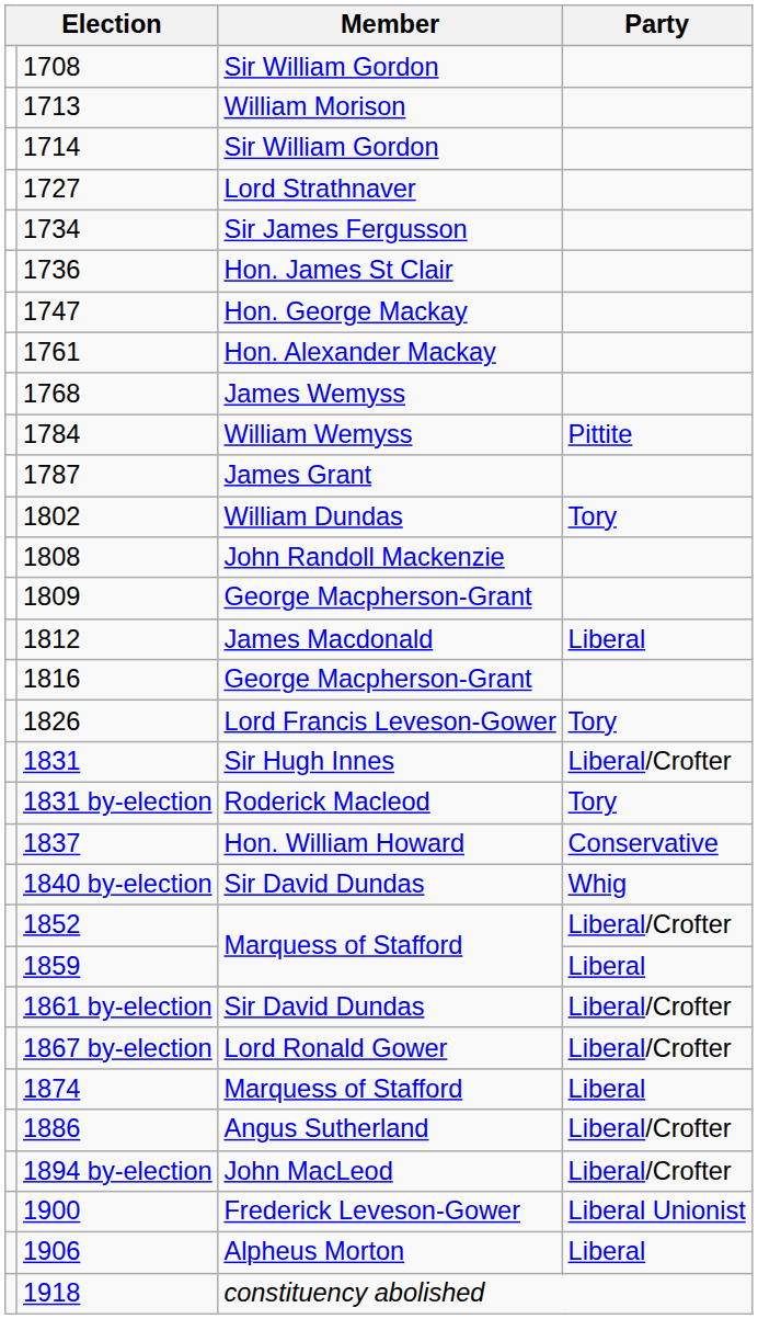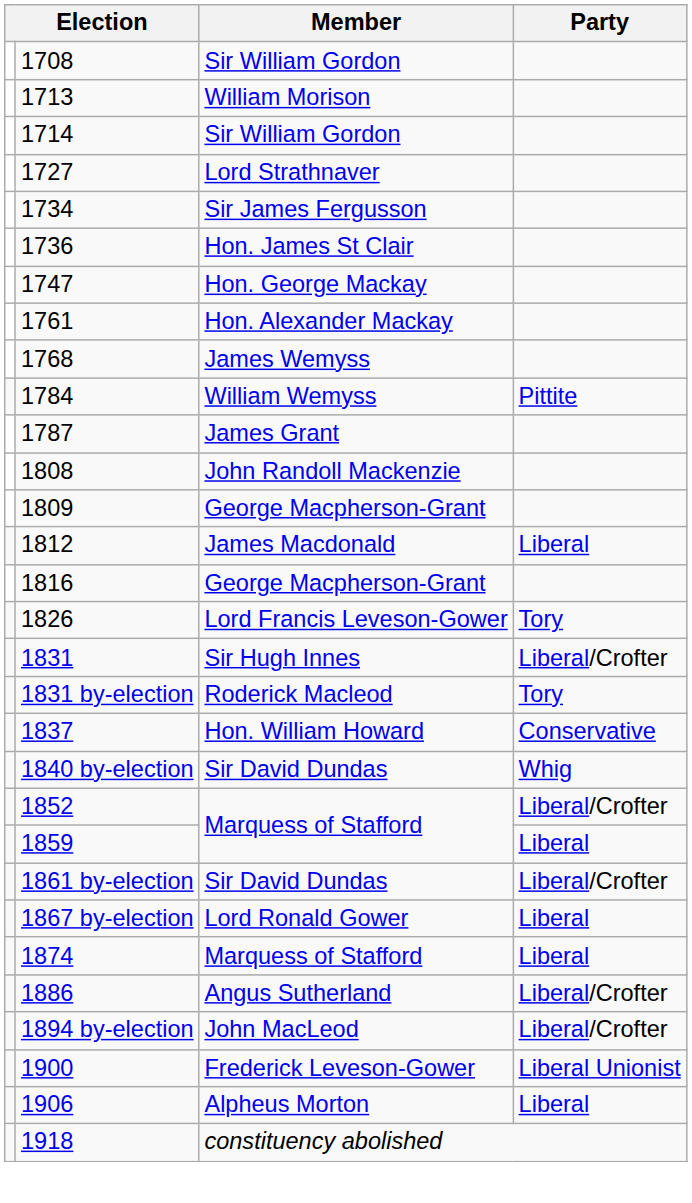 <table class="wikitable">
 <tr>
 <th colspan="2">Election</th>
 <th>Member  </th>
 <th>Party</th>
 </tr>
 <tr>
 <td style="color:inherit;background-color: white"></td>
 <td>1708</td>
 <td><a href='#'>Sir William Gordon</a></td>
 <td></td>
 </tr>
 <tr>
 <td style="color:inherit;background-color: white"></td>
 <td>1713</td>
 <td><a href='#'>William Morison</a></td>
 <td></td>
 </tr>
 <tr>
 <td style="color:inherit;background-color: white"></td>
 <td>1714</td>
 <td><a href='#'>Sir William Gordon</a></td>
 <td></td>
 </tr>
 <tr>
 <td style="color:inherit;background-color: white"></td>
 <td>1727</td>
 <td><a href='#'>Lord Strathnaver</a></td>
 <td></td>
 </tr>
 <tr>
 <td style="color:inherit;background-color: white"></td>
 <td>1734</td>
 <td><a href='#'>Sir James Fergusson</a></td>
 <td></td>
 </tr>
 <tr>
 <td style="color:inherit;background-color: white"></td>
 <td>1736</td>
 <td><a href='#'>Hon. James St Clair</a></td>
 <td></td>
 </tr>
 <tr>
 <td style="color:inherit;background-color: white"></td>
 <td>1747</td>
 <td><a href='#'>Hon. George Mackay</a></td>
 <td></td>
 </tr>
 <tr>
 <td style="color:inherit;background-color: white"></td>
 <td>1761</td>
 <td><a href='#'>Hon. Alexander Mackay</a></td>
 <td></td>
 </tr>
 <tr>
 <td style="color:inherit;background-color: white"></td>
 <td>1768</td>
 <td><a href='#'>James Wemyss</a></td>
 <td></td>
 </tr>
 <tr>
 <td style="color:inherit;background-color: "></td>
 <td>1784</td>
 <td><a href='#'>William Wemyss</a></td>
 <td><a href='#'>Pittite</a></td>
 </tr>
 <tr>
 <td style="color:inherit;background-color: white"></td>
 <td>1787</td>
 <td><a href='#'>James Grant</a></td>
 <td></td>
-</tr>
-<tr>
-<td style="color:inherit;background-color: "></td>
-<td>1802</td>
-<td><a href='#'>William Dundas</a></td>
-<td><a href='#'>Tory</a></td>
 </tr>
 <tr>
 <td style="color:inherit;background-color: white"></td>
 <td>1808</td>
 <td><a href='#'>John Randoll Mackenzie</a></td>
 <td></td>
 </tr>
 <tr>
 <td style="color:inherit;background-color: white"></td>
 <td>1809</td>
 <td><a href='#'>George Macpherson-Grant</a></td>
 <td></td>
 </tr>
 <tr>
 <td style="color:inherit;background-color: "></td>
 <td>1812</td>
 <td><a href='#'>James Macdonald</a></td>
 <td><a href='#'>Liberal</a></td>
 </tr>
 <tr>
 <td style="color:inherit;background-color: white"></td>
 <td>1816</td>
 <td><a href='#'>George Macpherson-Grant</a></td>
 <td></td>
 </tr>
 <tr>
 <td style="color:inherit;background-color: "></td>
 <td>1826</td>
 <td><a href='#'>Lord Francis Leveson-Gower</a></td>
 <td><a href='#'>Tory</a></td>
 </tr>
 <tr>
 <td style="color:inherit;background-color: "></td>
 <td><a href='#'>1831</a></td>
 <td><a href='#'>Sir Hugh Innes</a></td>
 <td><a href='#'>Liberal</a>/Crofter</td>
 </tr>
 <tr>
 <td style="color:inherit;background-color: "></td>
 <td><a href='#'>1831 by-election</a></td>
 <td><a href='#'>Roderick Macleod</a></td>
 <td><a href='#'>Tory</a></td>
 </tr>
 <tr>
 <td style="color:inherit;background-color: "></td>
 <td><a href='#'>1837</a></td>
 <td><a href='#'>Hon. William Howard</a></td>
 <td><a href='#'>Conservative</a></td>
 </tr>
 <tr>
 <td style="color:inherit;background-color: "></td>
 <td><a href='#'>1840 by-election</a></td>
 <td><a href='#'>Sir David Dundas</a></td>
 <td><a href='#'>Whig</a></td>
 </tr>
 <tr>
 <td style="color:inherit;background-color: "></td>
 <td><a href='#'>1852</a></td>
 <td rowspan="2"><a href='#'>Marquess of Stafford</a></td>
 <td><a href='#'>Liberal</a>/Crofter</td>
 </tr>
 <tr>
 <td style="color:inherit;background-color: "></td>
 <td><a href='#'>1859</a></td>
 <td><a href='#'>Liberal</a></td>
 </tr>
 <tr>
 <td style="color:inherit;background-color: "></td>
 <td><a href='#'>1861 by-election</a></td>
 <td><a href='#'>Sir David Dundas</a></td>
 <td><a href='#'>Liberal</a>/Crofter</td>
 </tr>
 <tr>
 <td style="color:inherit;background-color: "></td>
 <td><a href='#'>1867 by-election</a></td>
 <td><a href='#'>Lord Ronald Gower</a></td>
-<td><a href='#'>Liberal</a>/Crofter</td>
+<td><a href='#'>Liberal</a></td>
 </tr>
 <tr>
 <td style="color:inherit;background-color: "></td>
 <td><a href='#'>1874</a></td>
 <td><a href='#'>Marquess of Stafford</a></td>
 <td><a href='#'>Liberal</a></td>
 </tr>
 <tr>
 <td style="color:inherit;background-color: "></td>
 <td><a href='#'>1886</a></td>
 <td><a href='#'>Angus Sutherland</a></td>
 <td><a href='#'>Liberal</a>/Crofter</td>
 </tr>
 <tr>
 <td style="color:inherit;background-color: "></td>
 <td><a href='#'>1894 by-election</a></td>
 <td><a href='#'>John MacLeod</a></td>
 <td><a href='#'>Liberal</a>/Crofter</td>
 </tr>
 <tr>
 <td style="color:inherit;background-color: "></td>
 <td><a href='#'>1900</a></td>
 <td><a href='#'>Frederick Leveson-Gower</a></td>
 <td><a href='#'>Liberal Unionist</a></td>
 </tr>
 <tr>
 <td style="color:inherit;background-color: "></td>
 <td><a href='#'>1906</a></td>
 <td><a href='#'>Alpheus Morton</a></td>
 <td><a href='#'>Liberal</a></td>
 </tr>
 <tr>
 <td></td>
 <td><a href='#'>1918</a></td>
 <td colspan="2"><em>constituency abolished</em></td>
 </tr>
 </table>
